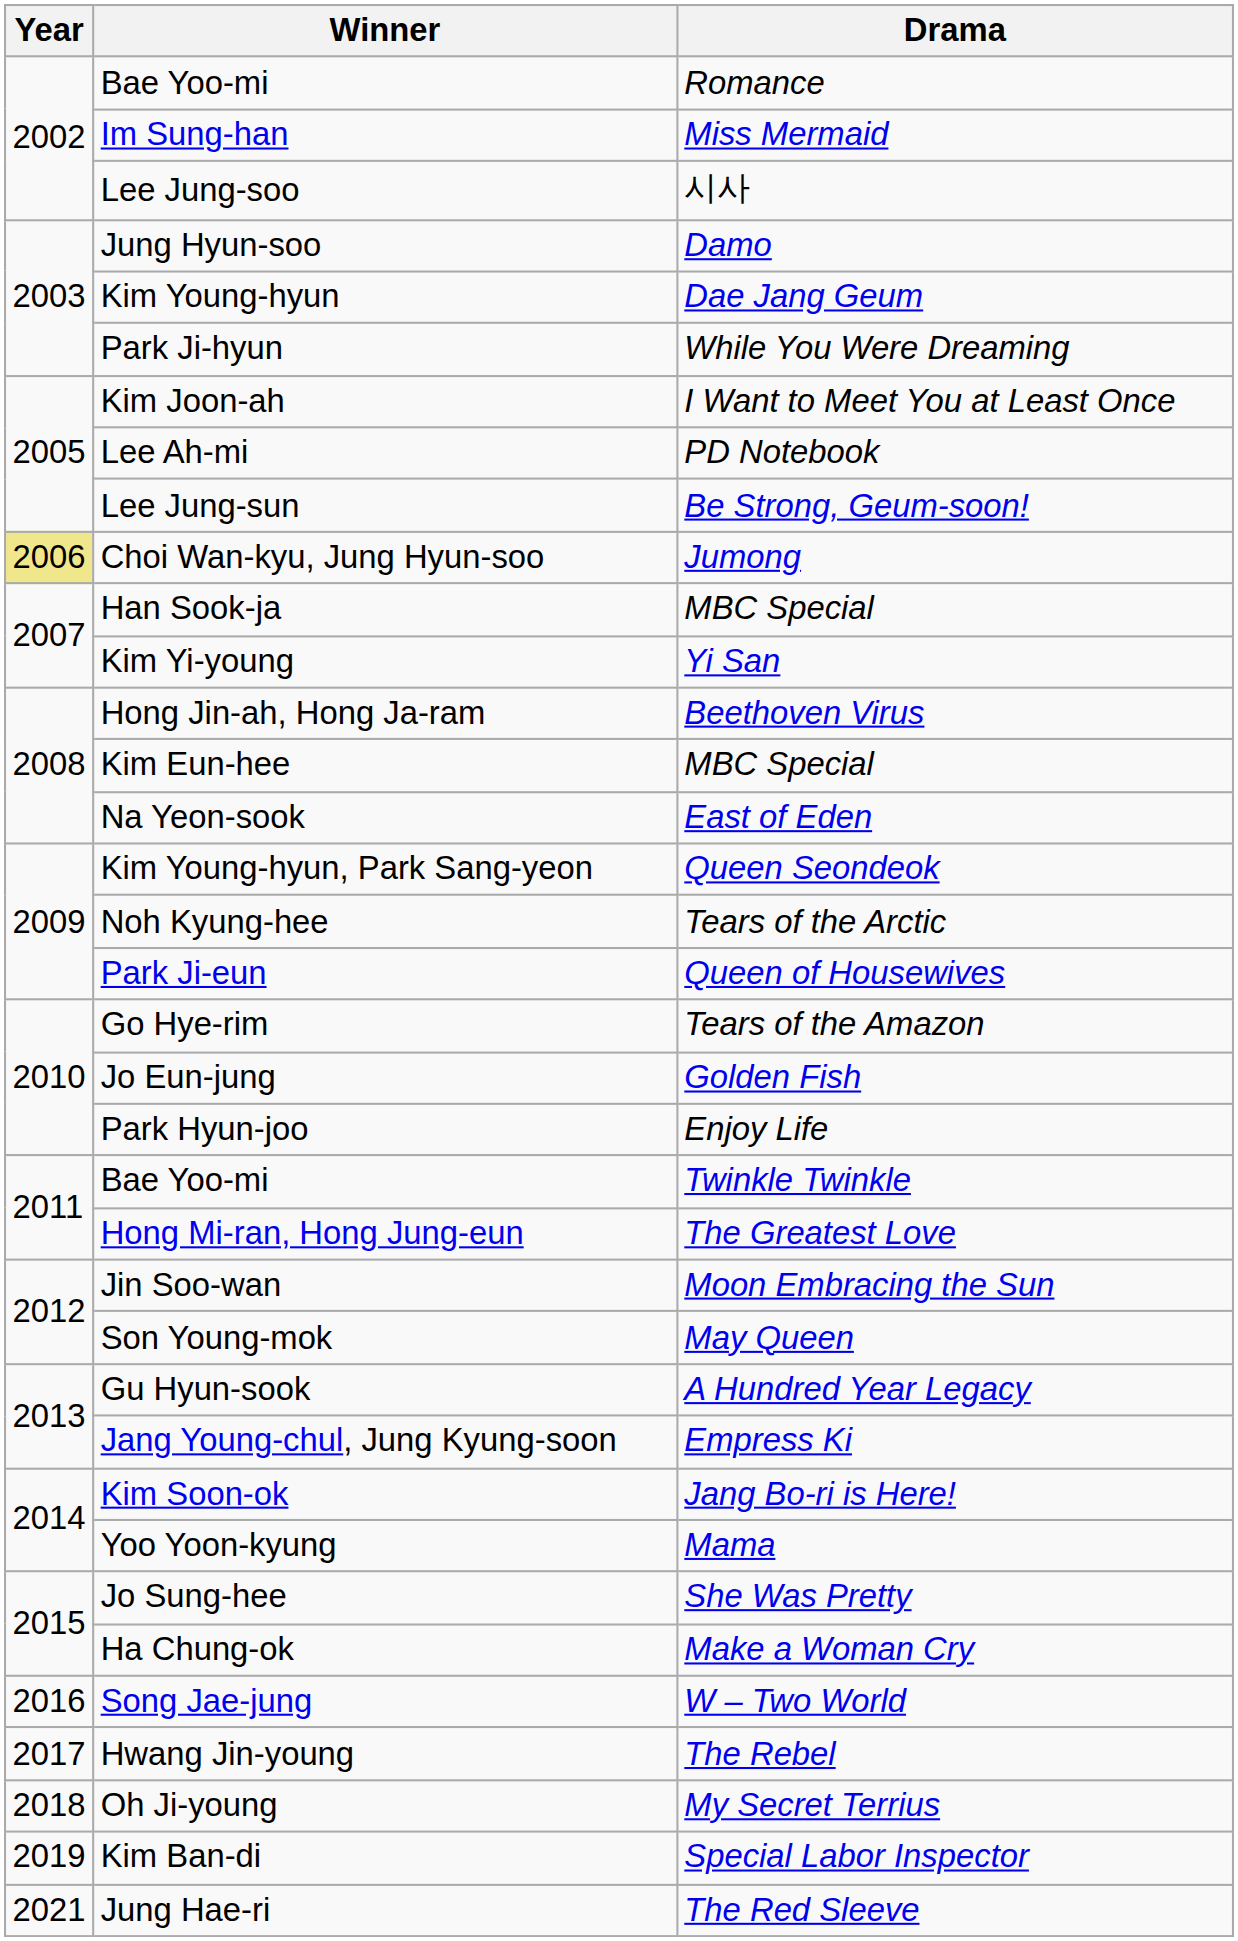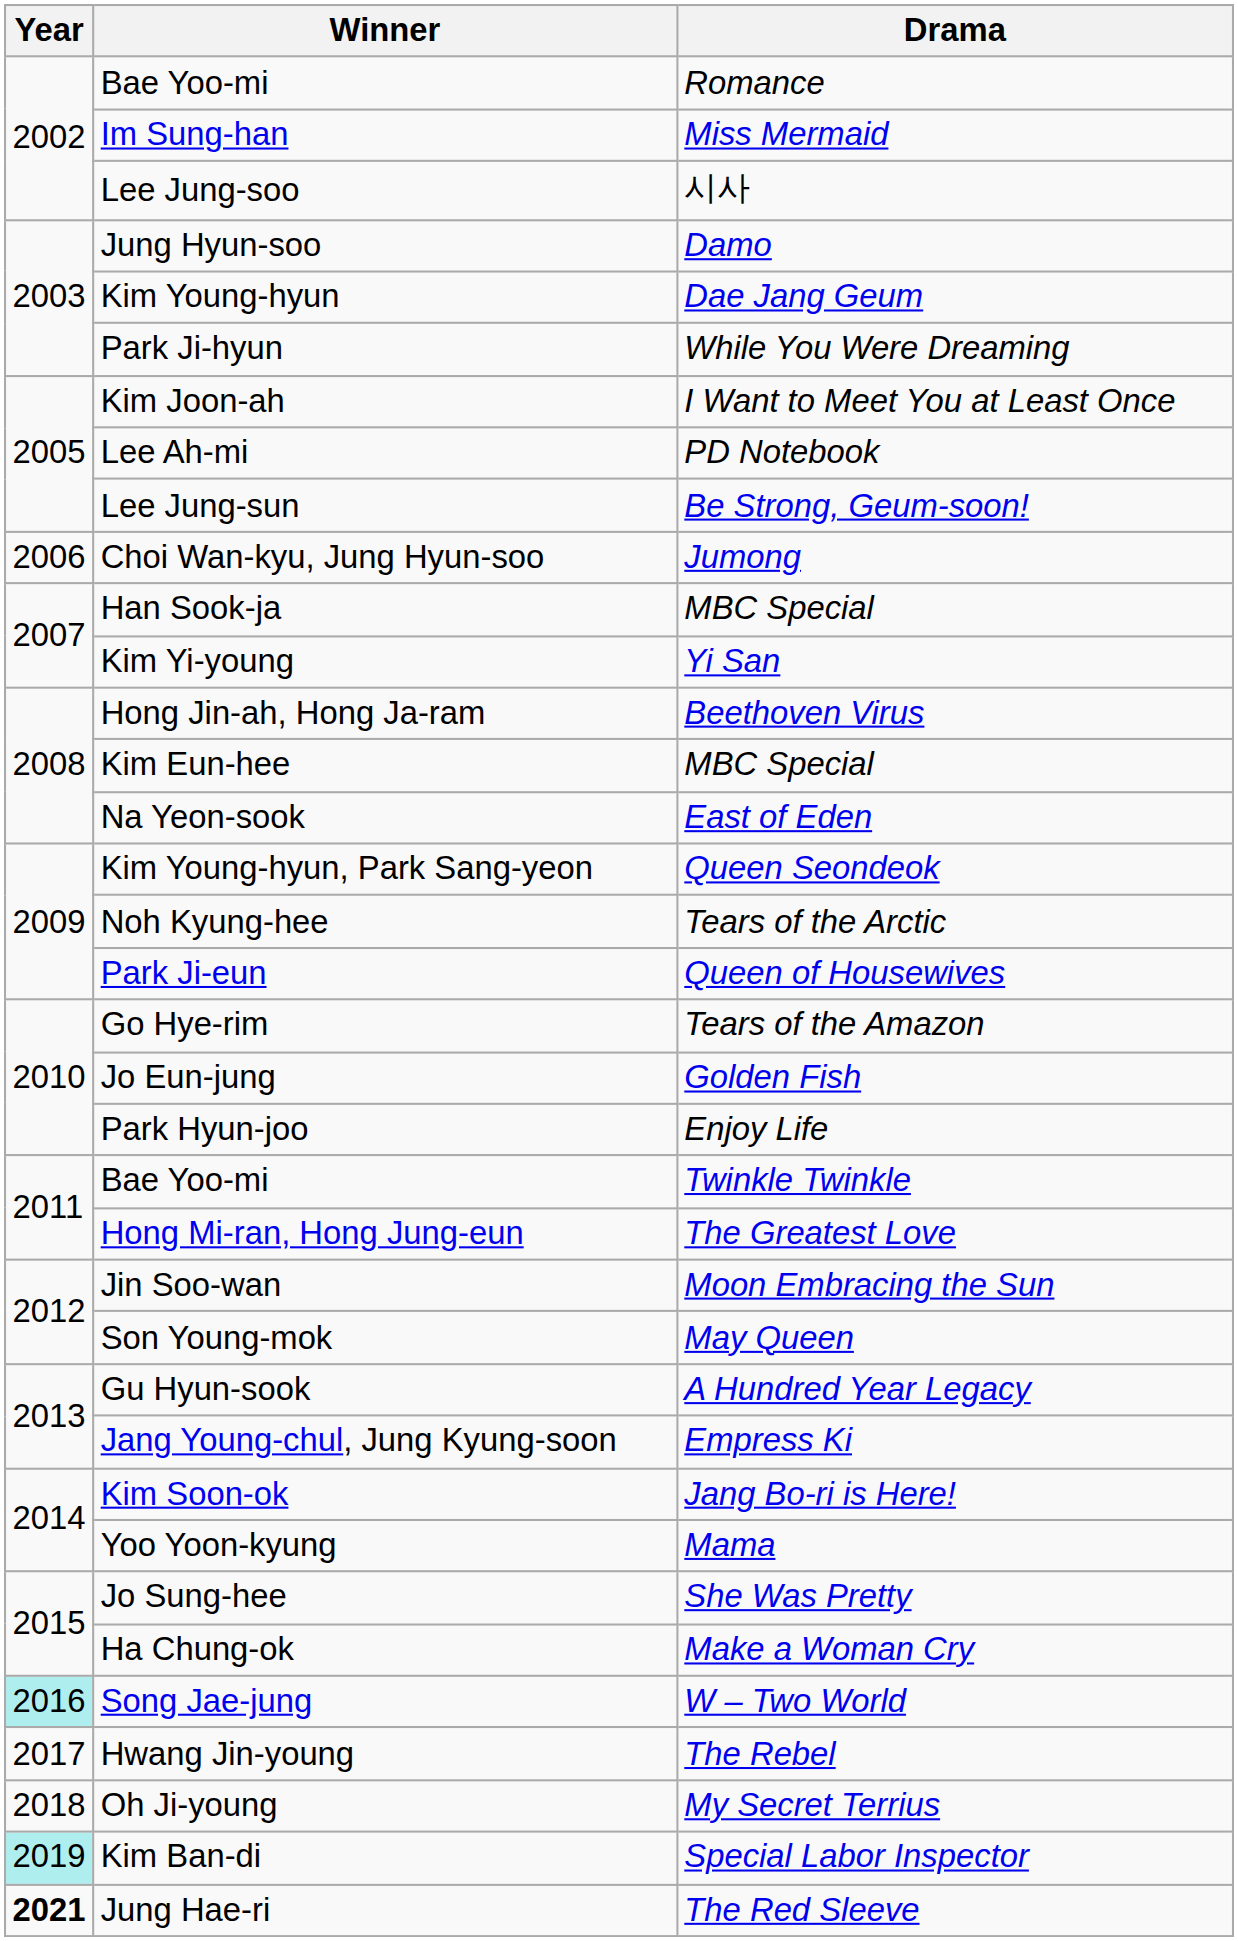 <table class="wikitable" style="width:600px">
 <tr>
 <th width=10>Year</th>
 <th>Winner</th>
 <th>Drama</th>
 </tr>
 <tr>
 <td rowspan=3>2002</td>
 <td>Bae Yoo-mi</td>
 <td><em>Romance</em></td>
 </tr>
 <tr>
 <td><a href='#'>Im Sung-han</a></td>
 <td><em><a href='#'>Miss Mermaid</a></em></td>
 </tr>
 <tr>
 <td>Lee Jung-soo</td>
 <td>시사</td>
 </tr>
 <tr>
 <td rowspan=3>2003</td>
 <td>Jung Hyun-soo</td>
 <td><em><a href='#'>Damo</a></em></td>
 </tr>
 <tr>
 <td>Kim Young-hyun</td>
 <td><em><a href='#'>Dae Jang Geum</a></em></td>
 </tr>
 <tr>
 <td>Park Ji-hyun</td>
 <td><em>While You Were Dreaming</em></td>
 </tr>
 <tr>
 <td rowspan=3>2005</td>
 <td>Kim Joon-ah</td>
 <td><em>I Want to Meet You at Least Once</em></td>
 </tr>
 <tr>
 <td>Lee Ah-mi</td>
 <td><em>PD Notebook</em></td>
 </tr>
 <tr>
 <td>Lee Jung-sun</td>
 <td><em><a href='#'>Be Strong, Geum-soon!</a></em></td>
 </tr>
 <tr>
-<td style="background: khaki;">2006</td>
+<td>2006</td>
 <td>Choi Wan-kyu, Jung Hyun-soo</td>
 <td><em><a href='#'>Jumong</a></em></td>
 </tr>
 <tr>
 <td rowspan=2>2007</td>
 <td>Han Sook-ja</td>
 <td><em>MBC Special</em></td>
 </tr>
 <tr>
 <td>Kim Yi-young</td>
 <td><em><a href='#'>Yi San</a></em></td>
 </tr>
 <tr>
 <td rowspan=3>2008</td>
 <td>Hong Jin-ah, Hong Ja-ram</td>
 <td><em><a href='#'>Beethoven Virus</a></em></td>
 </tr>
 <tr>
 <td>Kim Eun-hee</td>
 <td><em>MBC Special</em></td>
 </tr>
 <tr>
 <td>Na Yeon-sook</td>
 <td><em><a href='#'>East of Eden</a></em></td>
 </tr>
 <tr>
 <td rowspan=3>2009</td>
 <td>Kim Young-hyun, Park Sang-yeon</td>
 <td><em><a href='#'>Queen Seondeok</a></em></td>
 </tr>
 <tr>
 <td>Noh Kyung-hee</td>
 <td><em>Tears of the Arctic</em></td>
 </tr>
 <tr>
 <td><a href='#'>Park Ji-eun</a></td>
 <td><em><a href='#'>Queen of Housewives</a></em></td>
 </tr>
 <tr>
 <td rowspan=3>2010</td>
 <td>Go Hye-rim</td>
 <td><em>Tears of the Amazon</em></td>
 </tr>
 <tr>
 <td>Jo Eun-jung</td>
 <td><em><a href='#'>Golden Fish</a></em></td>
 </tr>
 <tr>
 <td>Park Hyun-joo</td>
 <td><em>Enjoy Life</em></td>
 </tr>
 <tr>
 <td rowspan=2>2011</td>
 <td>Bae Yoo-mi</td>
 <td><em><a href='#'>Twinkle Twinkle</a></em></td>
 </tr>
 <tr>
 <td><a href='#'>Hong Mi-ran, Hong Jung-eun</a></td>
 <td><em><a href='#'>The Greatest Love</a></em></td>
 </tr>
 <tr>
 <td rowspan=2>2012</td>
 <td>Jin Soo-wan</td>
 <td><em><a href='#'>Moon Embracing the Sun</a></em></td>
 </tr>
 <tr>
 <td>Son Young-mok</td>
 <td><em><a href='#'>May Queen</a></em></td>
 </tr>
 <tr>
 <td rowspan=2>2013</td>
 <td>Gu Hyun-sook</td>
 <td><em><a href='#'>A Hundred Year Legacy</a></em></td>
 </tr>
 <tr>
 <td><a href='#'>Jang Young-chul</a>, Jung Kyung-soon</td>
 <td><em><a href='#'>Empress Ki</a></em></td>
 </tr>
 <tr>
 <td rowspan=2>2014</td>
 <td><a href='#'>Kim Soon-ok</a></td>
 <td><em><a href='#'>Jang Bo-ri is Here!</a></em></td>
 </tr>
 <tr>
 <td>Yoo Yoon-kyung</td>
 <td><em><a href='#'>Mama</a></em></td>
 </tr>
 <tr>
 <td rowspan=2>2015</td>
 <td>Jo Sung-hee</td>
 <td><em><a href='#'>She Was Pretty</a></em></td>
 </tr>
 <tr>
 <td>Ha Chung-ok</td>
 <td><em><a href='#'>Make a Woman Cry</a></em></td>
 </tr>
 <tr>
-<td>2016</td>
+<td style="background: paleturquoise;">2016</td>
 <td><a href='#'>Song Jae-jung</a></td>
 <td><em><a href='#'>W – Two World</a></em></td>
 </tr>
 <tr>
 <td>2017</td>
 <td>Hwang Jin-young</td>
 <td><em><a href='#'>The Rebel</a></em></td>
 </tr>
 <tr>
 <td>2018</td>
 <td>Oh Ji-young</td>
 <td><em><a href='#'>My Secret Terrius</a></em></td>
 </tr>
 <tr>
-<td>2019</td>
+<td style="background: paleturquoise;">2019</td>
 <td>Kim Ban-di</td>
 <td><em><a href='#'>Special Labor Inspector</a></em></td>
 </tr>
 <tr>
-<td>2021</td>
+<td><strong>2021</strong></td>
 <td>Jung Hae-ri</td>
 <td><em><a href='#'>The Red Sleeve</a></em></td>
 </tr>
 </table>
